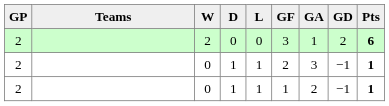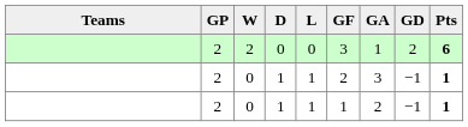 <table style=border-collapse:collapse border=1 cellspacing=0 cellpadding=5>
 <tr align=center bgcolor=#efefef>
+<th width=185>Teams</th>
 <th width=20>GP</th>
-<th width=185>Teams</th>
 <th width=20>W</th>
 <th width=20>D</th>
 <th width=20>L</th>
 <th width=20>GF</th>
 <th width=20>GA</th>
 <th width=20>GD</th>
 <th width=20>Pts</th>
 </tr>
 <tr align=center style="background:#ccffcc;">
+<td style="text-align:left;"></td>
 <td>2</td>
-<td style="text-align:left;"></td>
 <td>2</td>
 <td>0</td>
 <td>0</td>
 <td>3</td>
 <td>1</td>
 <td>2</td>
 <td><strong>6</strong></td>
 </tr>
 <tr align=center>
+<td style="text-align:left;"></td>
 <td>2</td>
-<td style="text-align:left;"></td>
 <td>0</td>
 <td>1</td>
 <td>1</td>
 <td>2</td>
 <td>3</td>
 <td>−1</td>
 <td><strong>1</strong></td>
 </tr>
 <tr align=center>
+<td style="text-align:left;"></td>
 <td>2</td>
-<td style="text-align:left;"></td>
 <td>0</td>
 <td>1</td>
 <td>1</td>
 <td>1</td>
 <td>2</td>
 <td>−1</td>
 <td><strong>1</strong></td>
 </tr>
 </table>
